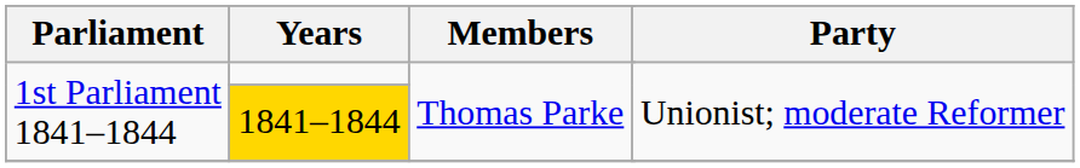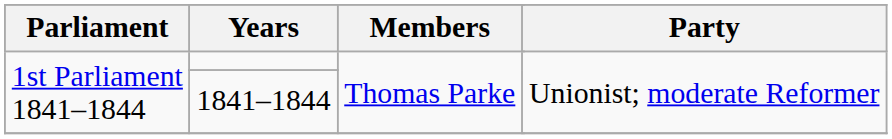 <table class="wikitable">
 <tr>
 <th>Parliament</th>
 <th>Years</th>
 <th colspan="2">Members</th>
 <th>Party</th>
 </tr>
 <tr>
 <td rowspan = "2"><a href='#'>1st Parliament</a><br>1841–1844</td>
 <td></td>
 <td colspan = "2" rowspan = "2"><a href='#'>Thomas Parke</a></td>
 <td rowspan = "2">Unionist;  <a href='#'>moderate Reformer</a></td>
 </tr>
 <tr>
-<td style="background: gold;">1841–1844</td>
+<td>1841–1844</td>
 </tr>
 <tr>
 </tr>
 </table>
